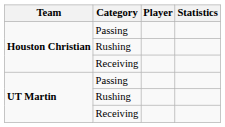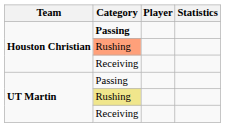 <table class="wikitable" style="float: right;">
 <tr>
 <th>Team</th>
 <th>Category</th>
 <th>Player</th>
 <th>Statistics</th>
 </tr>
 <tr>
 <td rowspan=3><strong>Houston Christian</strong></td>
-<td>Passing</td>
+<td><strong>Passing</strong></td>
 <td></td>
 <td></td>
 </tr>
 <tr>
-<td>Rushing</td>
+<td style="background: lightsalmon;">Rushing</td>
 <td></td>
 <td></td>
 </tr>
 <tr>
 <td>Receiving</td>
 <td></td>
 <td></td>
 </tr>
 <tr>
 <td rowspan=3><strong>UT Martin</strong></td>
 <td>Passing</td>
 <td></td>
 <td></td>
 </tr>
 <tr>
-<td>Rushing</td>
+<td style="background: khaki;">Rushing</td>
 <td></td>
 <td></td>
 </tr>
 <tr>
 <td>Receiving</td>
 <td></td>
 <td></td>
 </tr>
 </table>
